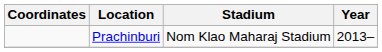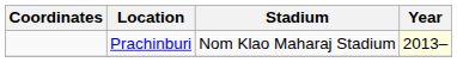 <table class="wikitable sortable">
 <tr>
 <th>Coordinates</th>
 <th>Location</th>
 <th>Stadium</th>
 <th>Year</th>
 </tr>
 <tr>
 <td></td>
 <td><a href='#'>Prachinburi</a></td>
 <td>Nom Klao Maharaj Stadium</td>
-<td>2013–</td>
+<td style="background: lightyellow;">2013–</td>
 </tr>
 <tr>
 </tr>
 </table>
